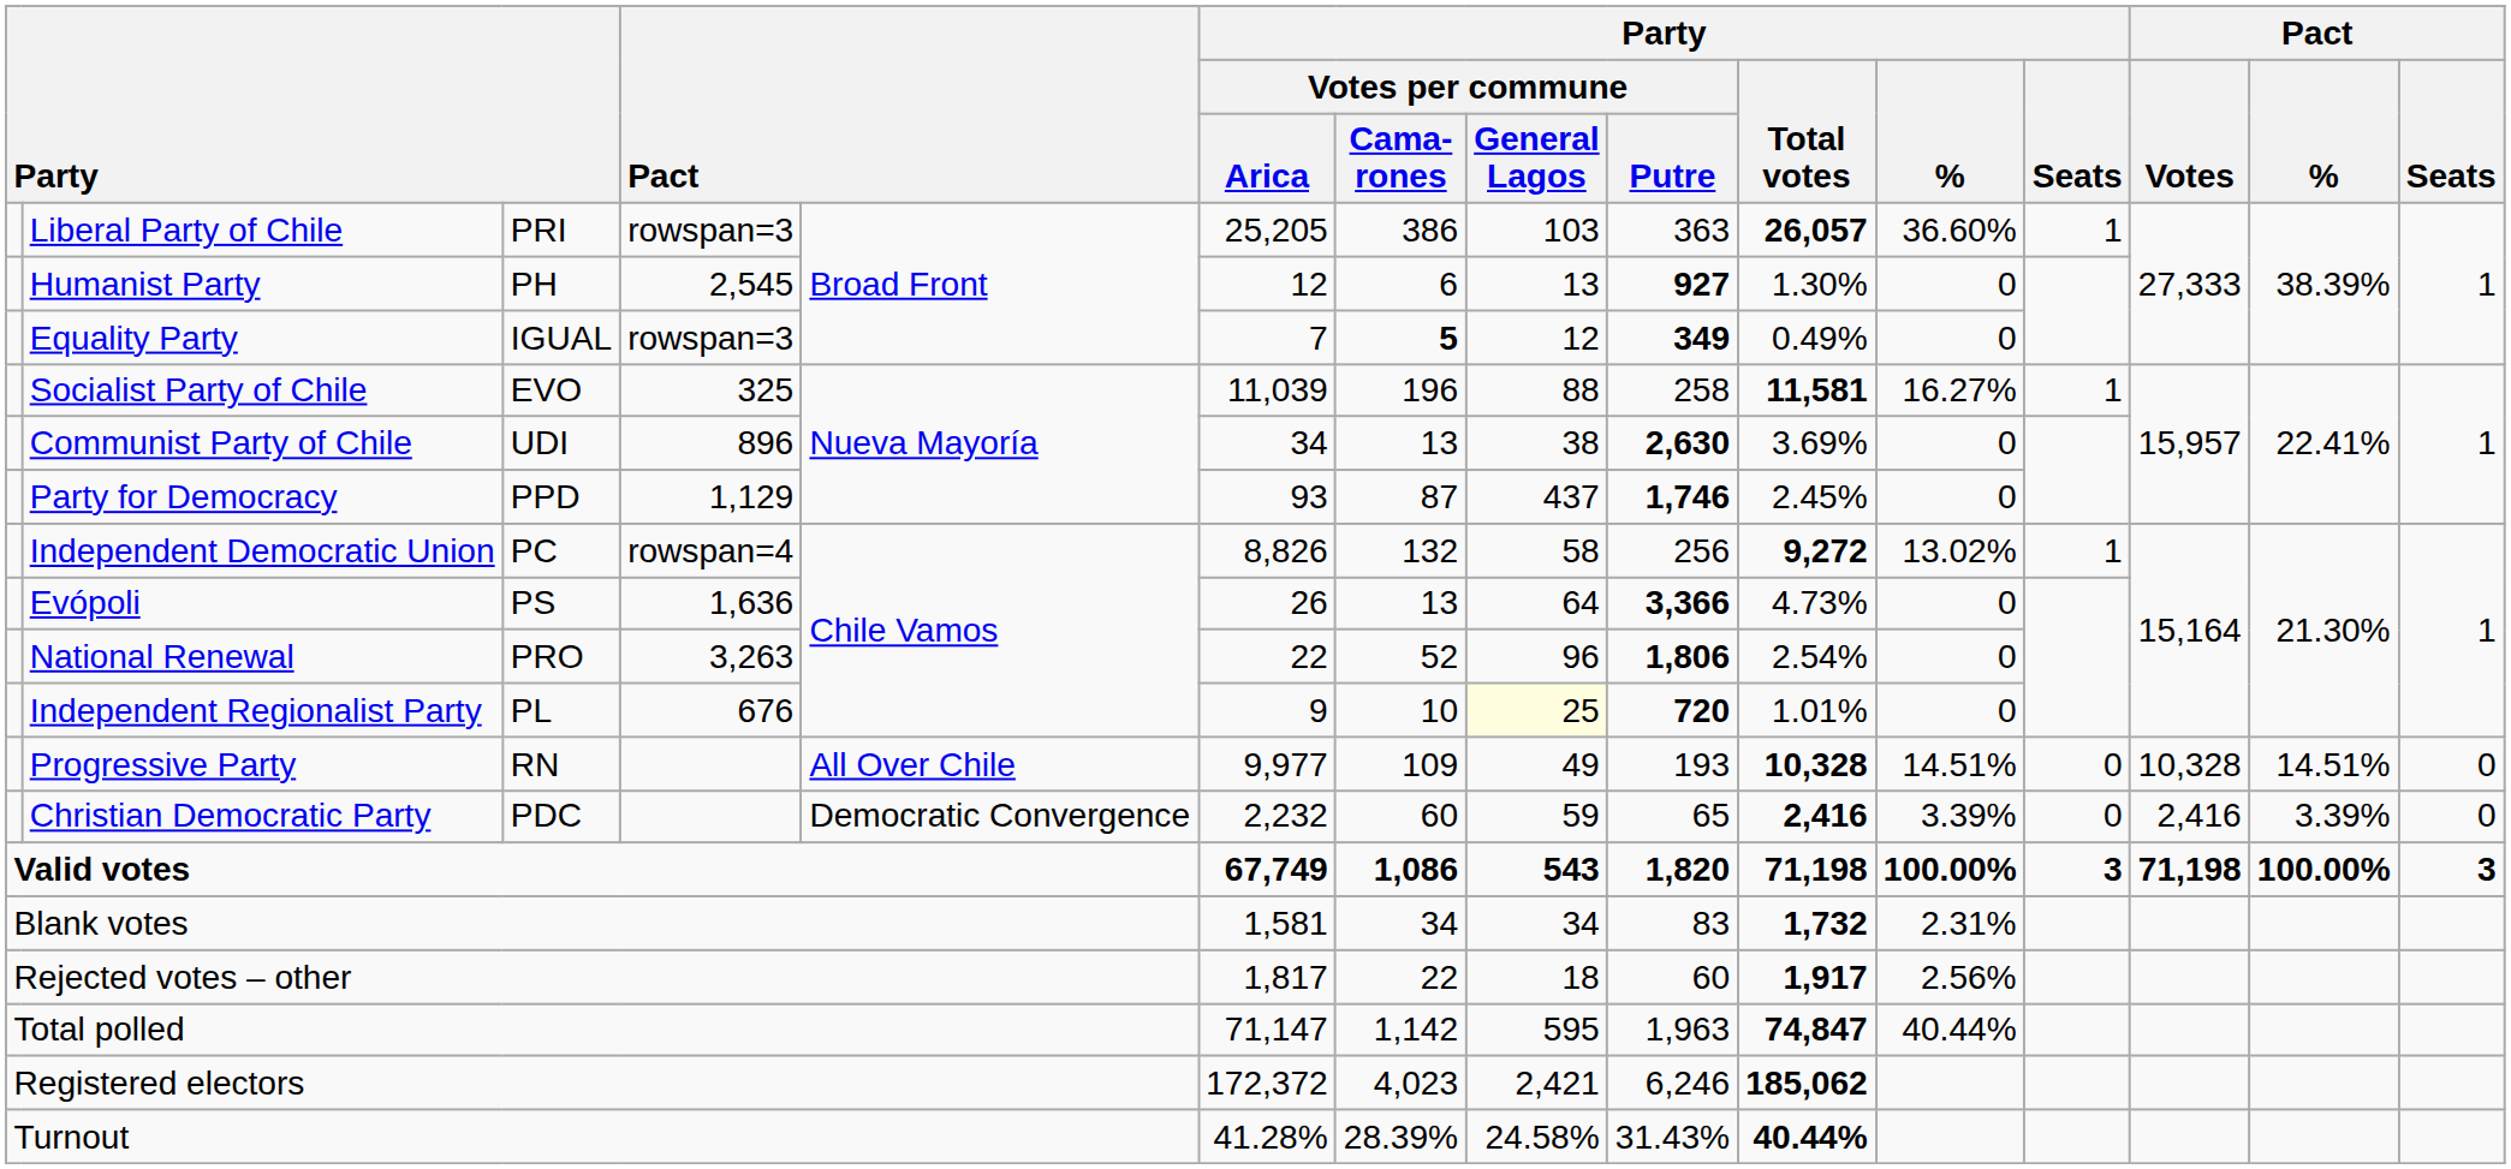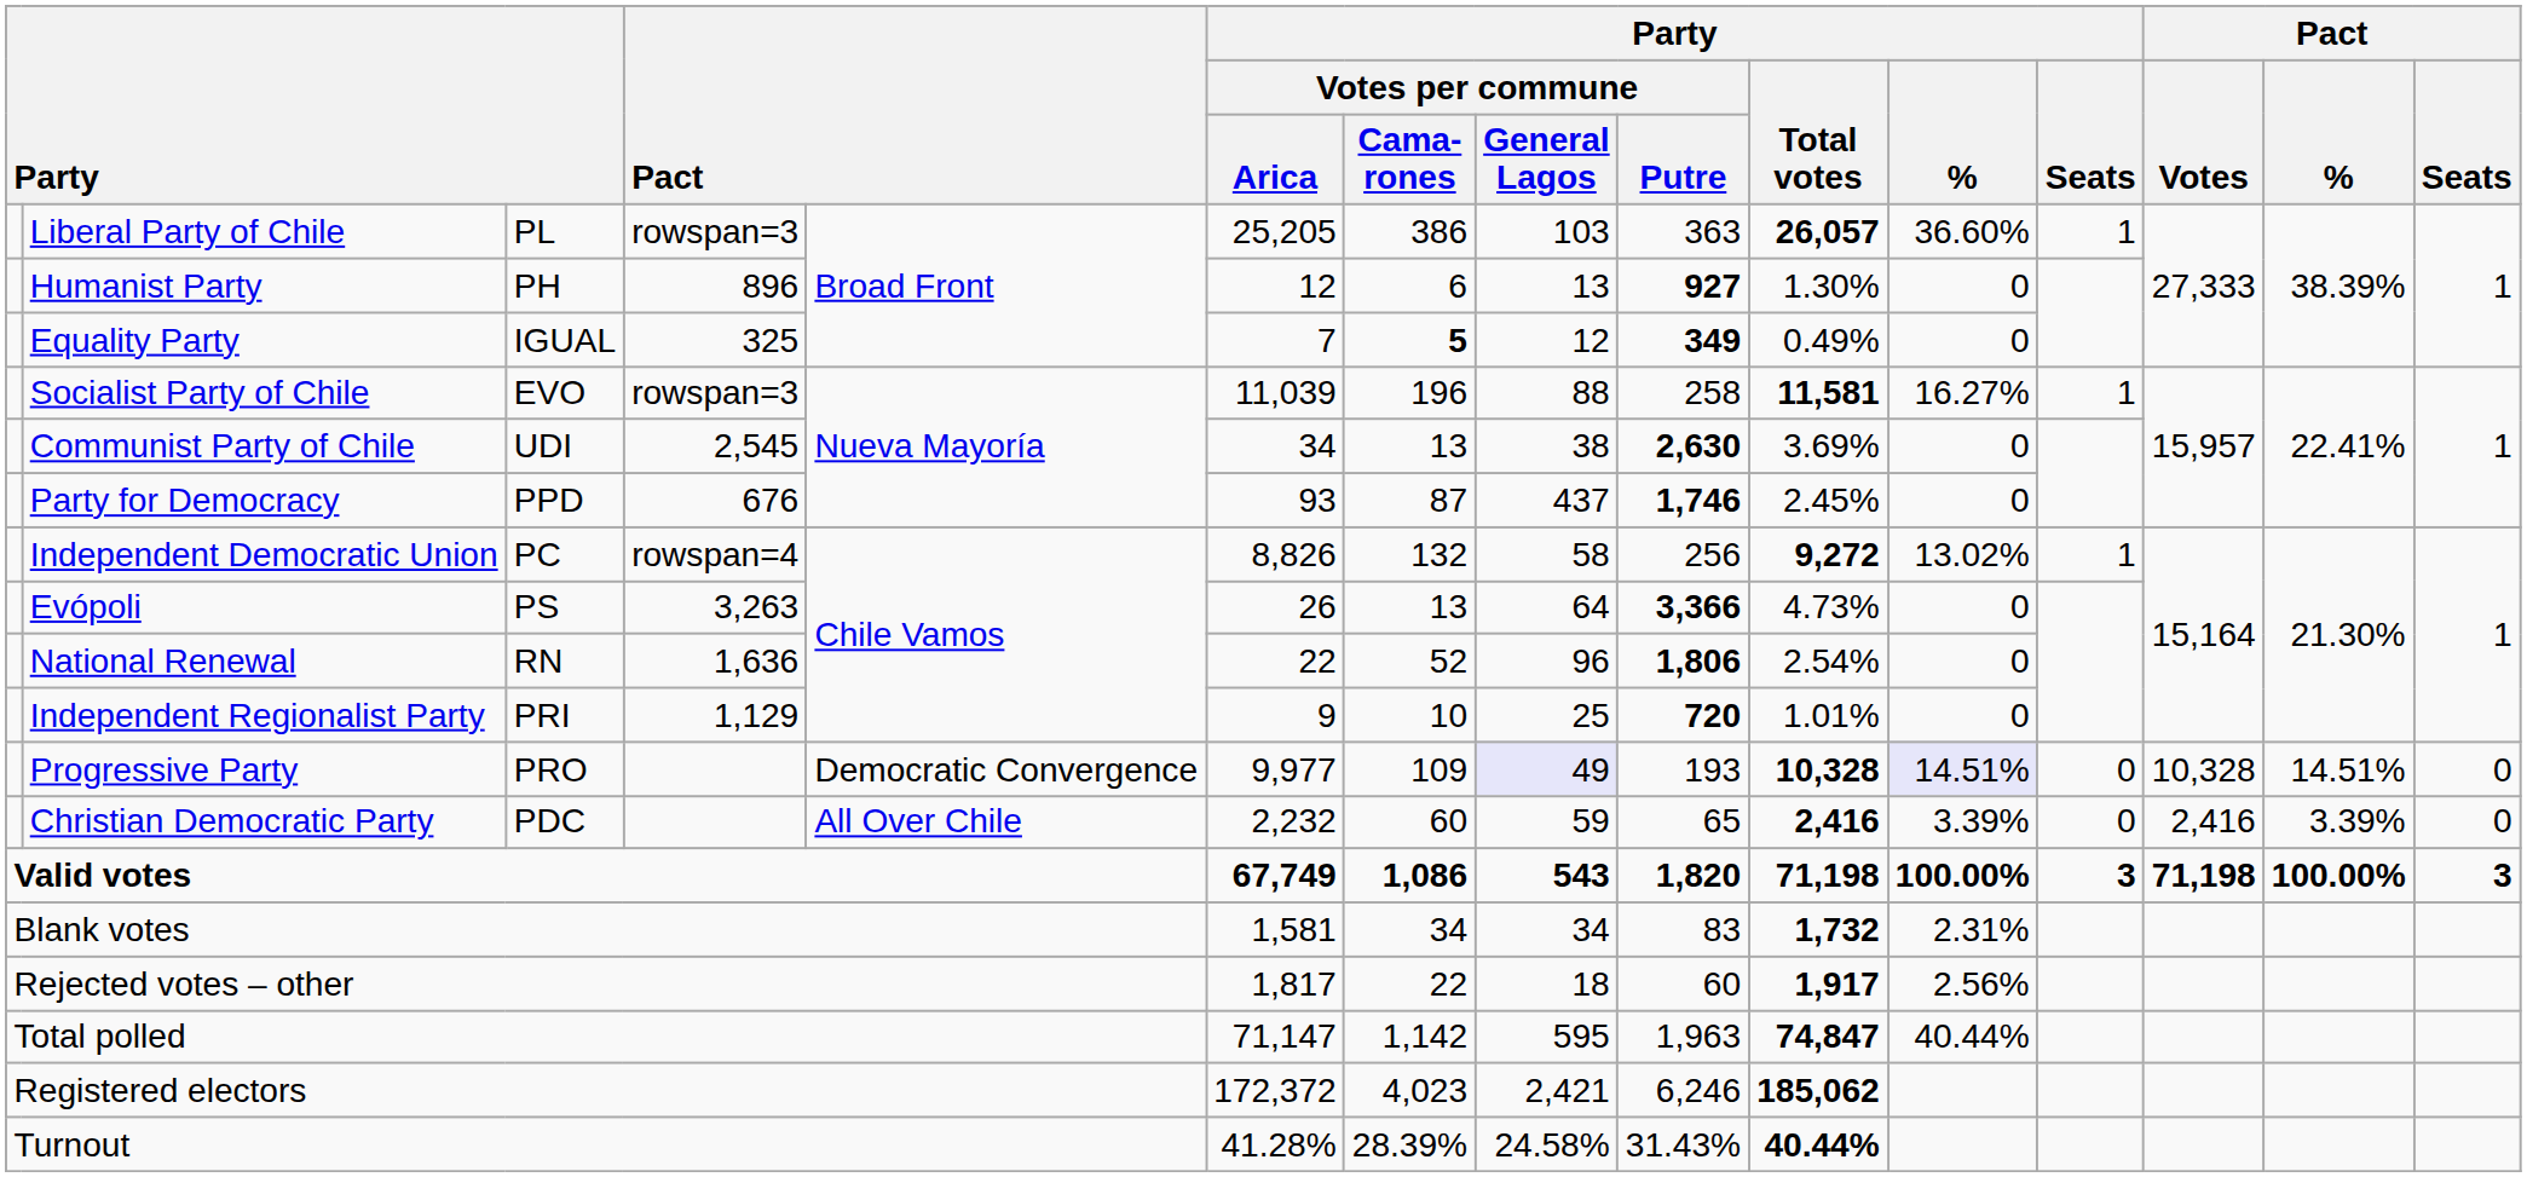 <table class="wikitable" border="1" style="font-size:90%; text-align:right; white-space: nowrap;">
 <tr>
 <th style="text-align:left;" valign=bottom rowspan=3 colspan=3>Party</th>
 <th style="text-align:left;" valign=bottom rowspan=3 colspan=2>Pact</th>
 <th colspan=7>Party</th>
 <th colspan=3>Pact</th>
 </tr>
 <tr>
 <th colspan=4>Votes per commune</th>
 <th align=center valign=bottom rowspan=2 width="40">Total<br>votes</th>
 <th align=center valign=bottom rowspan=2 width="40">%</th>
 <th align=center valign=bottom rowspan=2>Seats</th>
 <th align=center valign=bottom rowspan=2 width="40">Votes</th>
 <th align=center valign=bottom rowspan=2 width="40">%</th>
 <th align=center valign=bottom rowspan=2>Seats</th>
 </tr>
 <tr>
 <th align=center valign=bottom width="40"><a href='#'>Arica</a></th>
 <th align=center valign=bottom width="40"><a href='#'>Cama-<br>rones</a></th>
 <th align=center valign=bottom width="40"><a href='#'>General<br>Lagos</a></th>
 <th align=center valign=bottom width="40"><a href='#'>Putre</a></th>
 </tr>
 <tr>
 <td></td>
 <td align=left><a href='#'>Liberal Party of Chile</a></td>
-<td align=left>PRI</td>
+<td align=left>PL</td>
 <td>rowspan=3 </td>
 <td rowspan=3 align=left><a href='#'>Broad Front</a></td>
 <td>25,205</td>
 <td>386</td>
 <td>103</td>
 <td>363</td>
 <td><strong>26,057</strong></td>
 <td>36.60%</td>
 <td>1</td>
 <td rowspan=3>27,333</td>
 <td rowspan=3>38.39%</td>
 <td rowspan=3>1</td>
 </tr>
 <tr>
 <td></td>
 <td align=left><a href='#'>Humanist Party</a></td>
 <td align=left>PH</td>
-<td>2,545</td>
+<td>896</td>
 <td>12</td>
 <td>6</td>
 <td>13</td>
 <td><strong>927</strong></td>
 <td>1.30%</td>
 <td>0</td>
 </tr>
 <tr>
 <td></td>
 <td align=left><a href='#'>Equality Party</a></td>
 <td align=left>IGUAL</td>
-<td>rowspan=3 </td>
+<td>325</td>
 <td>7</td>
 <td><strong>5</strong></td>
 <td>12</td>
 <td><strong>349</strong></td>
 <td>0.49%</td>
 <td>0</td>
 </tr>
 <tr>
 <td></td>
 <td align=left><a href='#'>Socialist Party of Chile</a></td>
 <td align=left>EVO</td>
-<td>325</td>
+<td>rowspan=3 </td>
 <td rowspan=3 align=left><a href='#'>Nueva Mayoría</a></td>
 <td>11,039</td>
 <td>196</td>
 <td>88</td>
 <td>258</td>
 <td><strong>11,581</strong></td>
 <td>16.27%</td>
 <td>1</td>
 <td rowspan=3>15,957</td>
 <td rowspan=3>22.41%</td>
 <td rowspan=3>1</td>
 </tr>
 <tr>
 <td></td>
 <td align=left><a href='#'>Communist Party of Chile</a></td>
 <td align=left>UDI</td>
-<td>896</td>
+<td>2,545</td>
 <td>34</td>
 <td>13</td>
 <td>38</td>
 <td><strong>2,630</strong></td>
 <td>3.69%</td>
 <td>0</td>
 </tr>
 <tr>
 <td></td>
 <td align=left><a href='#'>Party for Democracy</a></td>
 <td align=left>PPD</td>
-<td>1,129</td>
+<td>676</td>
 <td>93</td>
 <td>87</td>
 <td>437</td>
 <td><strong>1,746</strong></td>
 <td>2.45%</td>
 <td>0</td>
 </tr>
 <tr>
 <td></td>
 <td align=left><a href='#'>Independent Democratic Union</a></td>
 <td align=left>PC</td>
 <td>rowspan=4 </td>
 <td rowspan=4 align=left><a href='#'>Chile Vamos</a></td>
 <td>8,826</td>
 <td>132</td>
 <td>58</td>
 <td>256</td>
 <td><strong>9,272</strong></td>
 <td>13.02%</td>
 <td>1</td>
 <td rowspan=4>15,164</td>
 <td rowspan=4>21.30%</td>
 <td rowspan=4>1</td>
 </tr>
 <tr>
 <td></td>
 <td align=left><a href='#'>Evópoli</a></td>
 <td align=left>PS</td>
-<td>1,636</td>
+<td>3,263</td>
 <td>26</td>
 <td>13</td>
 <td>64</td>
 <td><strong>3,366</strong></td>
 <td>4.73%</td>
 <td>0</td>
 </tr>
 <tr>
 <td></td>
 <td align=left><a href='#'>National Renewal</a></td>
-<td align=left>PRO</td>
-<td>3,263</td>
+<td align=left>RN</td>
+<td>1,636</td>
 <td>22</td>
 <td>52</td>
 <td>96</td>
 <td><strong>1,806</strong></td>
 <td>2.54%</td>
 <td>0</td>
 </tr>
 <tr>
 <td></td>
 <td align=left><a href='#'>Independent Regionalist Party</a></td>
-<td align=left>PL</td>
-<td>676</td>
+<td align=left>PRI</td>
+<td>1,129</td>
 <td>9</td>
 <td>10</td>
-<td style="background: lightyellow;">25</td>
+<td>25</td>
 <td><strong>720</strong></td>
 <td>1.01%</td>
 <td>0</td>
 </tr>
 <tr>
 <td></td>
 <td align=left><a href='#'>Progressive Party</a></td>
-<td align=left>RN</td>
+<td align=left>PRO</td>
 <td></td>
-<td align=left><a href='#'>All Over Chile</a></td>
+<td align=left>Democratic Convergence</td>
 <td>9,977</td>
 <td>109</td>
-<td>49</td>
+<td style="background: lavender;">49</td>
 <td>193</td>
 <td><strong>10,328</strong></td>
-<td>14.51%</td>
+<td style="background: lavender;">14.51%</td>
 <td>0</td>
 <td>10,328</td>
 <td>14.51%</td>
 <td>0</td>
 </tr>
 <tr>
 <td></td>
 <td align=left><a href='#'>Christian Democratic Party</a></td>
 <td align=left>PDC</td>
 <td></td>
-<td align=left>Democratic Convergence</td>
+<td align=left><a href='#'>All Over Chile</a></td>
 <td>2,232</td>
 <td>60</td>
 <td>59</td>
 <td>65</td>
 <td><strong>2,416</strong></td>
 <td>3.39%</td>
 <td>0</td>
 <td>2,416</td>
 <td>3.39%</td>
 <td>0</td>
 </tr>
 <tr style="font-weight:bold">
 <td align=left colspan=5>Valid votes</td>
 <td>67,749</td>
 <td>1,086</td>
 <td>543</td>
 <td>1,820</td>
 <td>71,198</td>
 <td>100.00%</td>
 <td>3</td>
 <td>71,198</td>
 <td>100.00%</td>
 <td>3</td>
 </tr>
 <tr>
 <td align=left colspan=5>Blank votes</td>
 <td>1,581</td>
 <td>34</td>
 <td>34</td>
 <td>83</td>
 <td><strong>1,732</strong></td>
 <td>2.31%</td>
 <td></td>
 <td></td>
 <td></td>
 <td></td>
 </tr>
 <tr>
 <td align=left colspan=5>Rejected votes – other</td>
 <td>1,817</td>
 <td>22</td>
 <td>18</td>
 <td>60</td>
 <td><strong>1,917</strong></td>
 <td>2.56%</td>
 <td></td>
 <td></td>
 <td></td>
 <td></td>
 </tr>
 <tr>
 <td align=left colspan=5>Total polled</td>
 <td>71,147</td>
 <td>1,142</td>
 <td>595</td>
 <td>1,963</td>
 <td><strong>74,847</strong></td>
 <td>40.44%</td>
 <td></td>
 <td></td>
 <td></td>
 <td></td>
 </tr>
 <tr>
 <td align=left colspan=5>Registered electors</td>
 <td>172,372</td>
 <td>4,023</td>
 <td>2,421</td>
 <td>6,246</td>
 <td><strong>185,062</strong></td>
 <td></td>
 <td></td>
 <td></td>
 <td></td>
 <td></td>
 </tr>
 <tr>
 <td align=left colspan=5>Turnout</td>
 <td>41.28%</td>
 <td>28.39%</td>
 <td>24.58%</td>
 <td>31.43%</td>
 <td><strong>40.44%</strong></td>
 <td></td>
 <td></td>
 <td></td>
 <td></td>
 <td></td>
 </tr>
 </table>
